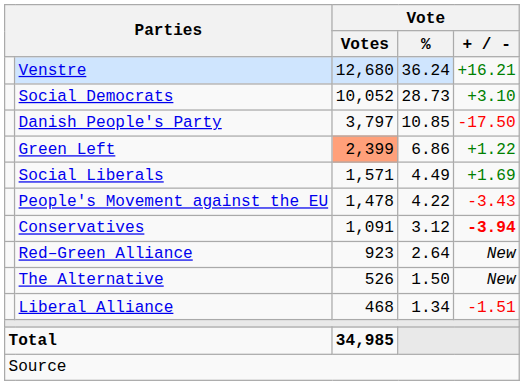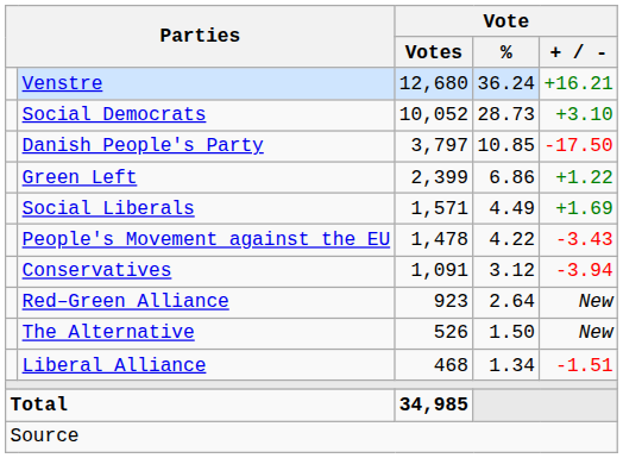 <table class="wikitable" style="text-align:right;">
 <tr>
 <th style="text-align:centre;" rowspan="2" colspan="2" width="225">Parties</th>
 <th colspan="3">Vote</th>
 </tr>
 <tr>
 <th width="15">Votes</th>
 <th width="15">%</th>
 <th width="15">+ / -</th>
 </tr>
 <tr>
 <td width="2" style="color:inherit;background:"></td>
 <td bgcolor=#cfe5fe   align="left"><a href='#'>Venstre</a></td>
 <td bgcolor=#cfe5fe>12,680</td>
 <td bgcolor=#cfe5fe>36.24</td>
 <td style=color:green;>+16.21</td>
 </tr>
 <tr>
 <td width="2" style="color:inherit;background:"></td>
 <td align="left"><a href='#'>Social Democrats</a></td>
 <td>10,052</td>
 <td>28.73</td>
 <td style=color:green;>+3.10</td>
 </tr>
 <tr>
 <td width="2" style="color:inherit;background:"></td>
 <td align="left"><a href='#'>Danish People's Party</a></td>
 <td>3,797</td>
 <td>10.85</td>
 <td style=color:red;>-17.50</td>
 </tr>
 <tr>
 <td width="2" style="color:inherit;background:"></td>
 <td align="left"><a href='#'>Green Left</a></td>
-<td style="background: lightsalmon;">2,399</td>
+<td>2,399</td>
 <td>6.86</td>
 <td style=color:green;>+1.22</td>
 </tr>
 <tr>
 <td width="2" style="color:inherit;background:"></td>
 <td align="left"><a href='#'>Social Liberals</a></td>
 <td>1,571</td>
 <td>4.49</td>
 <td style=color:green;>+1.69</td>
 </tr>
 <tr>
 <td width="2" style="color:inherit;background:"></td>
 <td align="left"><a href='#'>People's Movement against the EU</a></td>
 <td>1,478</td>
 <td>4.22</td>
 <td style=color:red;>-3.43</td>
 </tr>
 <tr>
 <td width="2" style="color:inherit;background:"></td>
 <td align="left"><a href='#'>Conservatives</a></td>
 <td>1,091</td>
 <td>3.12</td>
-<td style=color:red;><strong>-3.94</strong></td>
+<td style=color:red;>-3.94</td>
 </tr>
 <tr>
 <td width="2" style="color:inherit;background:"></td>
 <td align="left"><a href='#'>Red–Green Alliance</a></td>
 <td>923</td>
 <td>2.64</td>
 <td><em>New</em></td>
 </tr>
 <tr>
 <td width="2" style="color:inherit;background:"></td>
 <td align="left"><a href='#'>The Alternative</a></td>
 <td>526</td>
 <td>1.50</td>
 <td><em>New</em></td>
 </tr>
 <tr>
 <td width="2" style="color:inherit;background:"></td>
 <td align="left"><a href='#'>Liberal Alliance</a></td>
 <td>468</td>
 <td>1.34</td>
 <td style=color:red;>-1.51</td>
 </tr>
 <tr>
 <td colspan="7" bgcolor="#E9E9E9"></td>
 </tr>
 <tr>
 <td align="left" colspan="2"><strong>Total</strong></td>
 <td><strong>34,985</strong></td>
 <td bgcolor="#E9E9E9" colspan="2"></td>
 </tr>
 <tr>
 <td align="left" colspan="6">Source</td>
 </tr>
 </table>
